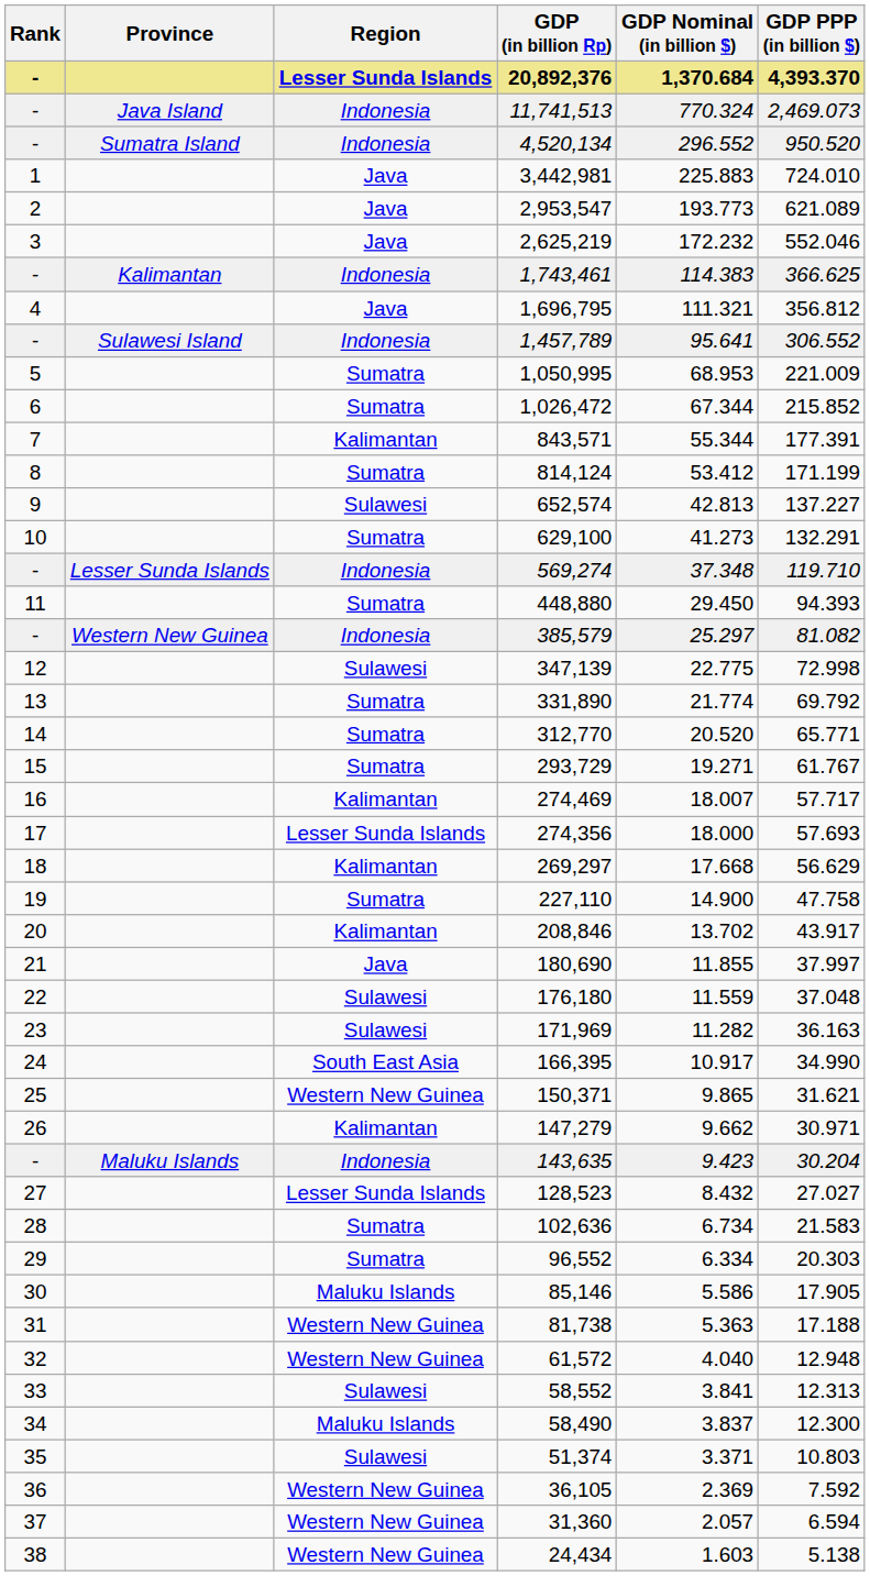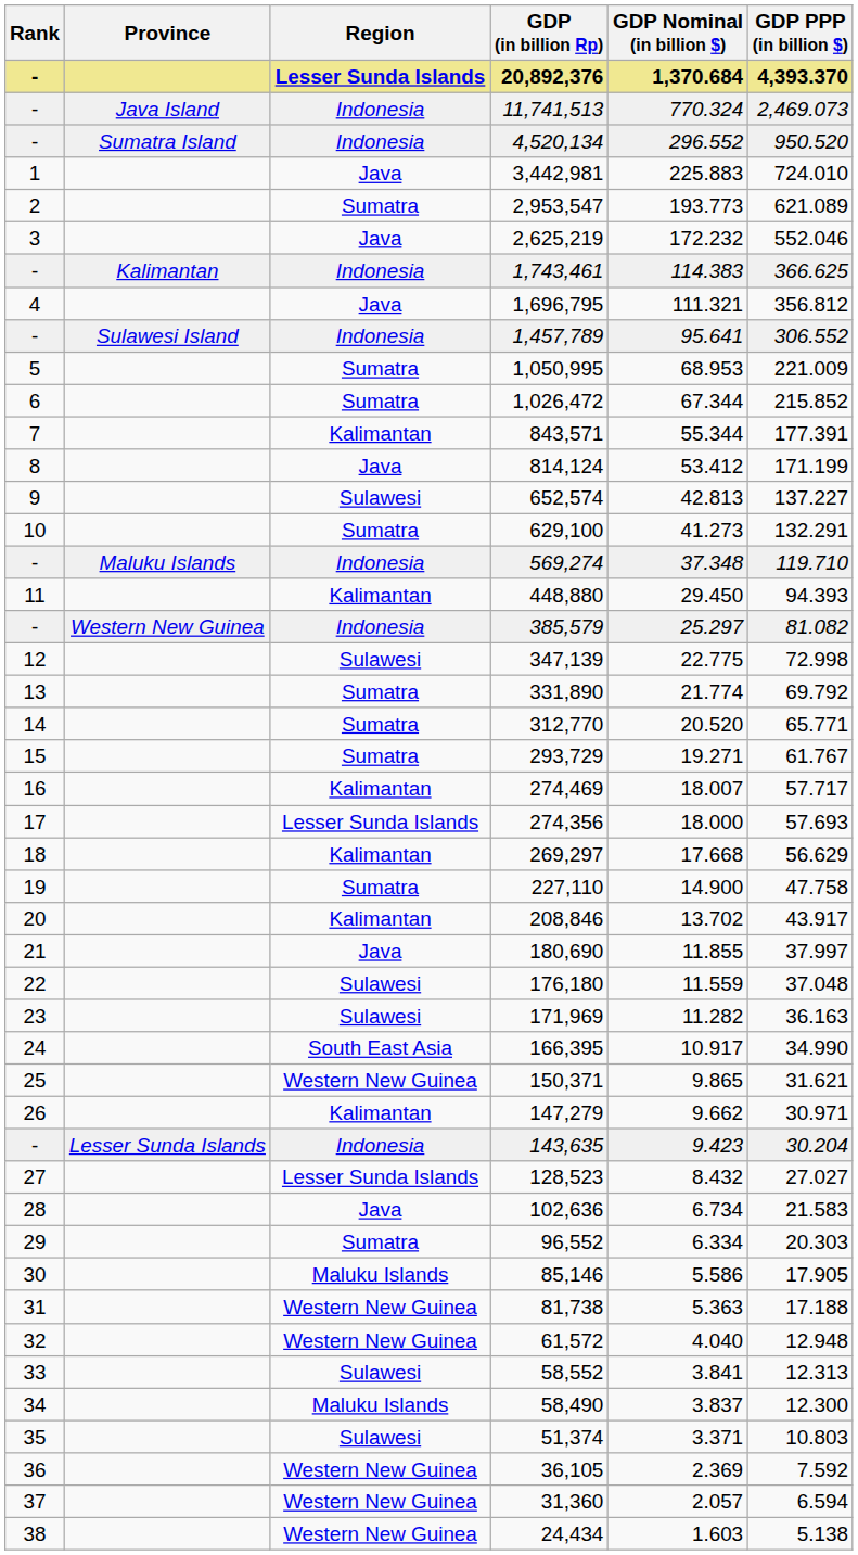 <table class="wikitable sortable sticky-header sort-under" style="text-align:center; font-size:95%;">
 <tr>
 <th>Rank</th>
 <th>Province</th>
 <th>Region</th>
 <th>GDP<br><small>(in billion <a href='#'>Rp</a>)</small></th>
 <th scope="col">GDP Nominal<br><small>(in billion <a href='#'>$</a>)</small></th>
 <th scope="col">GDP PPP<br><small>(in billion <a href='#'>$</a>)</small></th>
 </tr>
 <tr class="sorttop static-row-header" style="background:#F0E891; font-weight: bold;">
 <td align=center>-</td>
 <td></td>
 <td><a href='#'>Lesser Sunda Islands</a></td>
 <td align=right>20,892,376</td>
 <td align=right>1,370.684</td>
 <td align=right>4,393.370</td>
 </tr>
 <tr style="background-color:#f0f0f0">
 <td align=center>-</td>
 <td><em><a href='#'>Java Island</a></em></td>
 <td><em><a href='#'>Indonesia</a></em></td>
 <td align=right><em>11,741,513</em></td>
 <td align=right><em>770.324</em></td>
 <td align=right><em>2,469.073</em></td>
 </tr>
 <tr style="background-color:#f0f0f0">
 <td align=center>-</td>
 <td><em><a href='#'>Sumatra Island</a></em></td>
 <td><em><a href='#'>Indonesia</a></em></td>
 <td align=right><em>4,520,134</em></td>
 <td align=right><em>296.552</em></td>
 <td align=right><em>950.520</em></td>
 </tr>
 <tr>
 <td align=center>1</td>
 <td></td>
 <td><a href='#'>Java</a></td>
 <td align=right>3,442,981</td>
 <td align=right>225.883</td>
 <td align=right>724.010</td>
 </tr>
 <tr>
 <td align=center>2</td>
 <td></td>
-<td><a href='#'>Java</a></td>
+<td><a href='#'>Sumatra</a></td>
 <td align=right>2,953,547</td>
 <td align=right>193.773</td>
 <td align=right>621.089</td>
 </tr>
 <tr>
 <td align=center>3</td>
 <td></td>
 <td><a href='#'>Java</a></td>
 <td align=right>2,625,219</td>
 <td align=right>172.232</td>
 <td align=right>552.046</td>
 </tr>
 <tr style="background-color:#f0f0f0">
 <td align=center>-</td>
 <td><em><a href='#'>Kalimantan</a></em></td>
 <td><em><a href='#'>Indonesia</a></em></td>
 <td align=right><em>1,743,461</em></td>
 <td align=right><em>114.383</em></td>
 <td align=right><em>366.625</em></td>
 </tr>
 <tr>
 <td align=center>4</td>
 <td></td>
 <td><a href='#'>Java</a></td>
 <td align=right>1,696,795</td>
 <td align=right>111.321</td>
 <td align=right>356.812</td>
 </tr>
 <tr style="background-color:#f0f0f0">
 <td align=center>-</td>
 <td><em><a href='#'>Sulawesi Island</a></em></td>
 <td><em><a href='#'>Indonesia</a></em></td>
 <td align=right><em>1,457,789</em></td>
 <td align=right><em>95.641</em></td>
 <td align=right><em>306.552</em></td>
 </tr>
 <tr>
 <td align=center>5</td>
 <td></td>
 <td><a href='#'>Sumatra</a></td>
 <td align=right>1,050,995</td>
 <td align=right>68.953</td>
 <td align=right>221.009</td>
 </tr>
 <tr>
 <td align=center>6</td>
 <td></td>
 <td><a href='#'>Sumatra</a></td>
 <td align=right>1,026,472</td>
 <td align=right>67.344</td>
 <td align=right>215.852</td>
 </tr>
 <tr>
 <td align=center>7</td>
 <td></td>
 <td><a href='#'>Kalimantan</a></td>
 <td align=right>843,571</td>
 <td align=right>55.344</td>
 <td align=right>177.391</td>
 </tr>
 <tr>
 <td align=center>8</td>
 <td></td>
-<td><a href='#'>Sumatra</a></td>
+<td><a href='#'>Java</a></td>
 <td align=right>814,124</td>
 <td align=right>53.412</td>
 <td align=right>171.199</td>
 </tr>
 <tr>
 <td align=center>9</td>
 <td></td>
 <td><a href='#'>Sulawesi</a></td>
 <td align=right>652,574</td>
 <td align=right>42.813</td>
 <td align=right>137.227</td>
 </tr>
 <tr>
 <td align=center>10</td>
 <td></td>
 <td><a href='#'>Sumatra</a></td>
 <td align=right>629,100</td>
 <td align=right>41.273</td>
 <td align=right>132.291</td>
 </tr>
 <tr style="background-color:#f0f0f0">
 <td align=center>-</td>
-<td><em><a href='#'>Lesser Sunda Islands</a></em></td>
+<td><em><a href='#'>Maluku Islands</a></em></td>
 <td><em><a href='#'>Indonesia</a></em></td>
 <td align=right><em>569,274</em></td>
 <td align=right><em>37.348</em></td>
 <td align=right><em>119.710</em></td>
 </tr>
 <tr>
 <td align=center>11</td>
 <td></td>
-<td><a href='#'>Sumatra</a></td>
+<td><a href='#'>Kalimantan</a></td>
 <td align=right>448,880</td>
 <td align=right>29.450</td>
 <td align=right>94.393</td>
 </tr>
 <tr style="background-color:#f0f0f0">
 <td align=center>-</td>
 <td><em><a href='#'>Western New Guinea</a></em></td>
 <td><em><a href='#'>Indonesia</a></em></td>
 <td align=right><em>385,579</em></td>
 <td align=right><em>25.297</em></td>
 <td align=right><em>81.082</em></td>
 </tr>
 <tr>
 <td align=center>12</td>
 <td></td>
 <td><a href='#'>Sulawesi</a></td>
 <td align=right>347,139</td>
 <td align=right>22.775</td>
 <td align=right>72.998</td>
 </tr>
 <tr>
 <td align=center>13</td>
 <td></td>
 <td><a href='#'>Sumatra</a></td>
 <td align=right>331,890</td>
 <td align=right>21.774</td>
 <td align=right>69.792</td>
 </tr>
 <tr>
 <td align=center>14</td>
 <td></td>
 <td><a href='#'>Sumatra</a></td>
 <td align=right>312,770</td>
 <td align=right>20.520</td>
 <td align=right>65.771</td>
 </tr>
 <tr>
 <td align=center>15</td>
 <td></td>
 <td><a href='#'>Sumatra</a></td>
 <td align=right>293,729</td>
 <td align=right>19.271</td>
 <td align=right>61.767</td>
 </tr>
 <tr>
 <td align=center>16</td>
 <td></td>
 <td><a href='#'>Kalimantan</a></td>
 <td align=right>274,469</td>
 <td align=right>18.007</td>
 <td align=right>57.717</td>
 </tr>
 <tr>
 <td align=center>17</td>
 <td></td>
 <td><a href='#'>Lesser Sunda Islands</a></td>
 <td align=right>274,356</td>
 <td align=right>18.000</td>
 <td align=right>57.693</td>
 </tr>
 <tr>
 <td align=center>18</td>
 <td></td>
 <td><a href='#'>Kalimantan</a></td>
 <td align=right>269,297</td>
 <td align=right>17.668</td>
 <td align=right>56.629</td>
 </tr>
 <tr>
 <td align=center>19</td>
 <td></td>
 <td><a href='#'>Sumatra</a></td>
 <td align=right>227,110</td>
 <td align=right>14.900</td>
 <td align=right>47.758</td>
 </tr>
 <tr>
 <td align=center>20</td>
 <td></td>
 <td><a href='#'>Kalimantan</a></td>
 <td align=right>208,846</td>
 <td align=right>13.702</td>
 <td align=right>43.917</td>
 </tr>
 <tr>
 <td align=center>21</td>
 <td></td>
 <td><a href='#'>Java</a></td>
 <td align=right>180,690</td>
 <td align=right>11.855</td>
 <td align=right>37.997</td>
 </tr>
 <tr>
 <td align=center>22</td>
 <td></td>
 <td><a href='#'>Sulawesi</a></td>
 <td align=right>176,180</td>
 <td align=right>11.559</td>
 <td align=right>37.048</td>
 </tr>
 <tr>
 <td align=center>23</td>
 <td></td>
 <td><a href='#'>Sulawesi</a></td>
 <td align=right>171,969</td>
 <td align=right>11.282</td>
 <td align=right>36.163</td>
 </tr>
 <tr>
 <td align=center>24</td>
 <td></td>
 <td><a href='#'>South East Asia</a></td>
 <td align=right>166,395</td>
 <td align=right>10.917</td>
 <td align=right>34.990</td>
 </tr>
 <tr>
 <td align=center>25</td>
 <td></td>
 <td><a href='#'>Western New Guinea</a></td>
 <td align=right>150,371</td>
 <td align=right>9.865</td>
 <td align=right>31.621</td>
 </tr>
 <tr>
 <td align=center>26</td>
 <td></td>
 <td><a href='#'>Kalimantan</a></td>
 <td align=right>147,279</td>
 <td align=right>9.662</td>
 <td align=right>30.971</td>
 </tr>
 <tr style="background-color:#f0f0f0">
 <td align=center>-</td>
-<td><em><a href='#'>Maluku Islands</a></em></td>
+<td><em><a href='#'>Lesser Sunda Islands</a></em></td>
 <td><em><a href='#'>Indonesia</a></em></td>
 <td align=right><em>143,635</em></td>
 <td align=right><em>9.423</em></td>
 <td align=right><em>30.204</em></td>
 </tr>
 <tr>
 <td align=center>27</td>
 <td></td>
 <td><a href='#'>Lesser Sunda Islands</a></td>
 <td align=right>128,523</td>
 <td align=right>8.432</td>
 <td align=right>27.027</td>
 </tr>
 <tr>
 <td align=center>28</td>
 <td></td>
-<td><a href='#'>Sumatra</a></td>
+<td><a href='#'>Java</a></td>
 <td align=right>102,636</td>
 <td align=right>6.734</td>
 <td align=right>21.583</td>
 </tr>
 <tr>
 <td align=center>29</td>
 <td></td>
 <td><a href='#'>Sumatra</a></td>
 <td align=right>96,552</td>
 <td align=right>6.334</td>
 <td align=right>20.303</td>
 </tr>
 <tr>
 <td align=center>30</td>
 <td></td>
 <td><a href='#'>Maluku Islands</a></td>
 <td align=right>85,146</td>
 <td align=right>5.586</td>
 <td align=right>17.905</td>
 </tr>
 <tr>
 <td align=center>31</td>
 <td></td>
 <td><a href='#'>Western New Guinea</a></td>
 <td align=right>81,738</td>
 <td align=right>5.363</td>
 <td align=right>17.188</td>
 </tr>
 <tr>
 <td align=center>32</td>
 <td></td>
 <td><a href='#'>Western New Guinea</a></td>
 <td align=right>61,572</td>
 <td align=right>4.040</td>
 <td align=right>12.948</td>
 </tr>
 <tr>
 <td align=center>33</td>
 <td></td>
 <td><a href='#'>Sulawesi</a></td>
 <td align=right>58,552</td>
 <td align=right>3.841</td>
 <td align=right>12.313</td>
 </tr>
 <tr>
 <td align=center>34</td>
 <td></td>
 <td><a href='#'>Maluku Islands</a></td>
 <td align=right>58,490</td>
 <td align=right>3.837</td>
 <td align=right>12.300</td>
 </tr>
 <tr>
 <td align=center>35</td>
 <td></td>
 <td><a href='#'>Sulawesi</a></td>
 <td align=right>51,374</td>
 <td align=right>3.371</td>
 <td align=right>10.803</td>
 </tr>
 <tr>
 <td align=center>36</td>
 <td></td>
 <td><a href='#'>Western New Guinea</a></td>
 <td align=right>36,105</td>
 <td align=right>2.369</td>
 <td align=right>7.592</td>
 </tr>
 <tr>
 <td align=center>37</td>
 <td></td>
 <td><a href='#'>Western New Guinea</a></td>
 <td align=right>31,360</td>
 <td align=right>2.057</td>
 <td align=right>6.594</td>
 </tr>
 <tr>
 <td align=center>38</td>
 <td></td>
 <td><a href='#'>Western New Guinea</a></td>
 <td align=right>24,434</td>
 <td align=right>1.603</td>
 <td align=right>5.138</td>
 </tr>
 </table>
